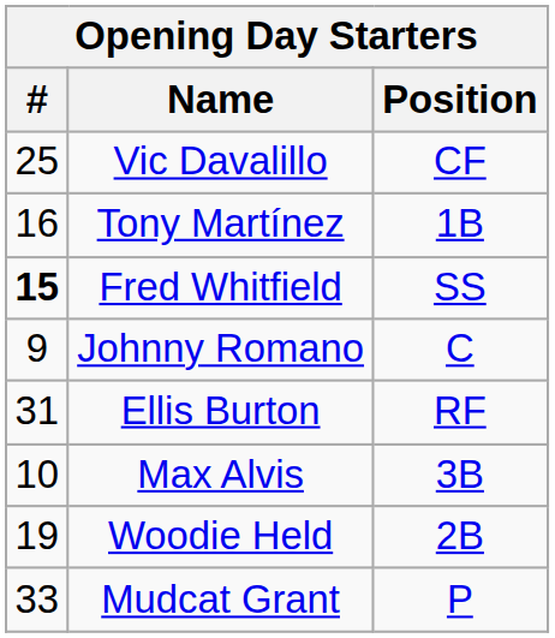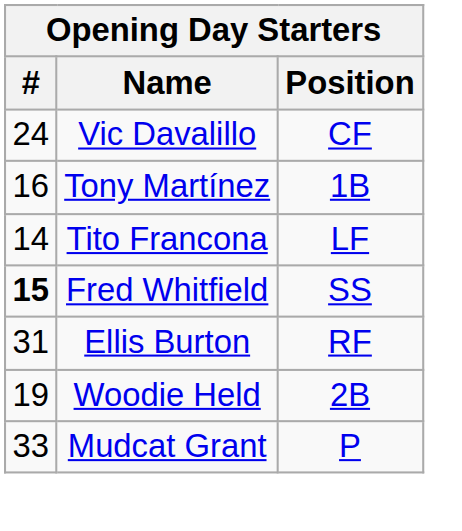 <table class="wikitable" style="text-align:center">
 <tr>
 <th colspan="3">Opening Day Starters</th>
 </tr>
 <tr>
 <th>#</th>
 <th>Name</th>
 <th>Position</th>
 </tr>
 <tr>
-<td>25</td>
+<td>24</td>
 <td><a href='#'>Vic Davalillo</a></td>
 <td><a href='#'>CF</a></td>
 </tr>
 <tr>
 <td>16</td>
 <td><a href='#'>Tony Martínez</a></td>
 <td><a href='#'>1B</a></td>
 </tr>
 <tr>
+<td>14</td>
+<td><a href='#'>Tito Francona</a></td>
+<td><a href='#'>LF</a></td>
+</tr>
+<tr>
 <td><strong>15</strong></td>
 <td><a href='#'>Fred Whitfield</a></td>
 <td><a href='#'>SS</a></td>
 </tr>
 <tr>
-<td>9</td>
-<td><a href='#'>Johnny Romano</a></td>
-<td><a href='#'>C</a></td>
-</tr>
-<tr>
 <td>31</td>
 <td><a href='#'>Ellis Burton</a></td>
 <td><a href='#'>RF</a></td>
-</tr>
-<tr>
-<td>10</td>
-<td><a href='#'>Max Alvis</a></td>
-<td><a href='#'>3B</a></td>
 </tr>
 <tr>
 <td>19</td>
 <td><a href='#'>Woodie Held</a></td>
 <td><a href='#'>2B</a></td>
 </tr>
 <tr>
 <td>33</td>
 <td><a href='#'>Mudcat Grant</a></td>
 <td><a href='#'>P</a></td>
 </tr>
 </table>
